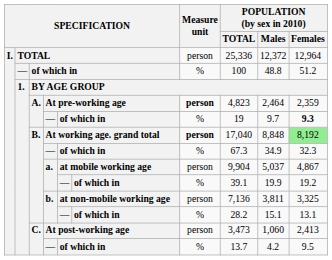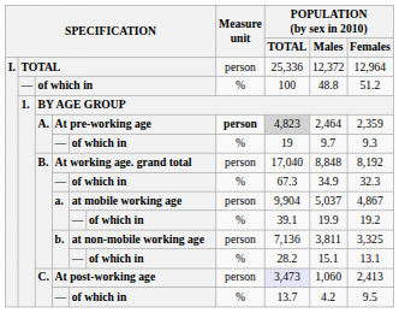 <table class="wikitable" style="font-size:85%; text-align:center">
 <tr>
 <th rowspan="2" colspan="6">SPECIFICATION</th>
 <th rowspan="2">Measure<br> unit</th>
 <th colspan="3" rowspan="1">POPULATION<br> (by sex in 2010)</th>
 </tr>
 <tr>
 <th>TOTAL</th>
 <th>Males</th>
 <th>Females</th>
 </tr>
 <tr>
 <th style="text-align:left" valign="top" rowspan="13">I.</th>
 <th style="text-align:left" colspan="5">TOTAL</th>
 <td>person</td>
 <td>25,336</td>
 <td>12,372</td>
 <td>12,964</td>
 </tr>
 <tr>
 <th style="text-align:left" valign="top">—</th>
 <th style="text-align:left" colspan="4">of which in</th>
 <td>%</td>
 <td>100</td>
 <td>48.8</td>
 <td>51.2</td>
 </tr>
 <tr>
 <th style="text-align:left" valign="top" rowspan="11">1.</th>
 <th style="text-align:left" colspan="19">BY AGE GROUP</th>
 </tr>
 <tr>
 <th style="text-align:left" valign="top" rowspan="2">A.</th>
 <th style="text-align:left" colspan="3">At pre-working age</th>
 <td><strong>person</strong></td>
-<td>4,823</td>
+<td style="background: lightgrey;">4,823</td>
 <td>2,464</td>
 <td>2,359</td>
 </tr>
 <tr>
 <th style="text-align:left" valign="top">—</th>
 <th style="text-align:left" valign="top" colspan="2">of which in</th>
 <td>%</td>
 <td>19</td>
 <td>9.7</td>
-<td><strong>9.3</strong></td>
+<td>9.3</td>
 </tr>
 <tr>
 <th style="text-align:left" valign="top" rowspan="6">B.</th>
 <th style="text-align:left" colspan="3">At working age. grand total</th>
-<td><strong>person</strong></td>
+<td>person</td>
 <td>17,040</td>
 <td>8,848</td>
-<td style="background: lightgreen;">8,192</td>
+<td>8,192</td>
 </tr>
 <tr>
 <th style="text-align:left" valign="top">—</th>
 <th style="text-align:left" valign="top" colspan="2">of which in</th>
 <td>%</td>
 <td>67.3</td>
 <td>34.9</td>
 <td>32.3</td>
 </tr>
 <tr>
 <th style="text-align:left" valign="top" rowspan="2">a.</th>
 <th style="text-align:left" colspan="2">at mobile working age</th>
 <td>person</td>
 <td>9,904</td>
 <td>5,037</td>
 <td>4,867</td>
 </tr>
 <tr>
 <th style="text-align:left" valign="top">—</th>
 <th style="text-align:left" valign="top" colspan="1">of which in                        </th>
 <td>%</td>
 <td>39.1</td>
 <td>19.9</td>
 <td>19.2</td>
 </tr>
 <tr>
 <th style="text-align:left" valign="top" rowspan="2">b.</th>
 <th style="text-align:left" colspan="2">at non-mobile working age</th>
 <td>person</td>
 <td>7,136</td>
 <td>3,811</td>
 <td>3,325</td>
 </tr>
 <tr>
 <th style="text-align:left" valign="top">—</th>
 <th style="text-align:left" valign="top" colspan="1">of which in                        </th>
 <td>%</td>
 <td>28.2</td>
 <td>15.1</td>
 <td>13.1</td>
 </tr>
 <tr>
 <th style="text-align:left" valign="top" rowspan="2">C.</th>
 <th style="text-align:left" colspan="3">At post-working age</th>
 <td>person</td>
-<td>3,473</td>
+<td style="background: lavender;">3,473</td>
 <td>1,060</td>
 <td>2,413</td>
 </tr>
 <tr>
 <th style="text-align:left" valign="top">—</th>
 <th style="text-align:left" valign="top" colspan="2">of which in</th>
 <td>%</td>
 <td>13.7</td>
 <td>4.2</td>
 <td>9.5</td>
 </tr>
 </table>
